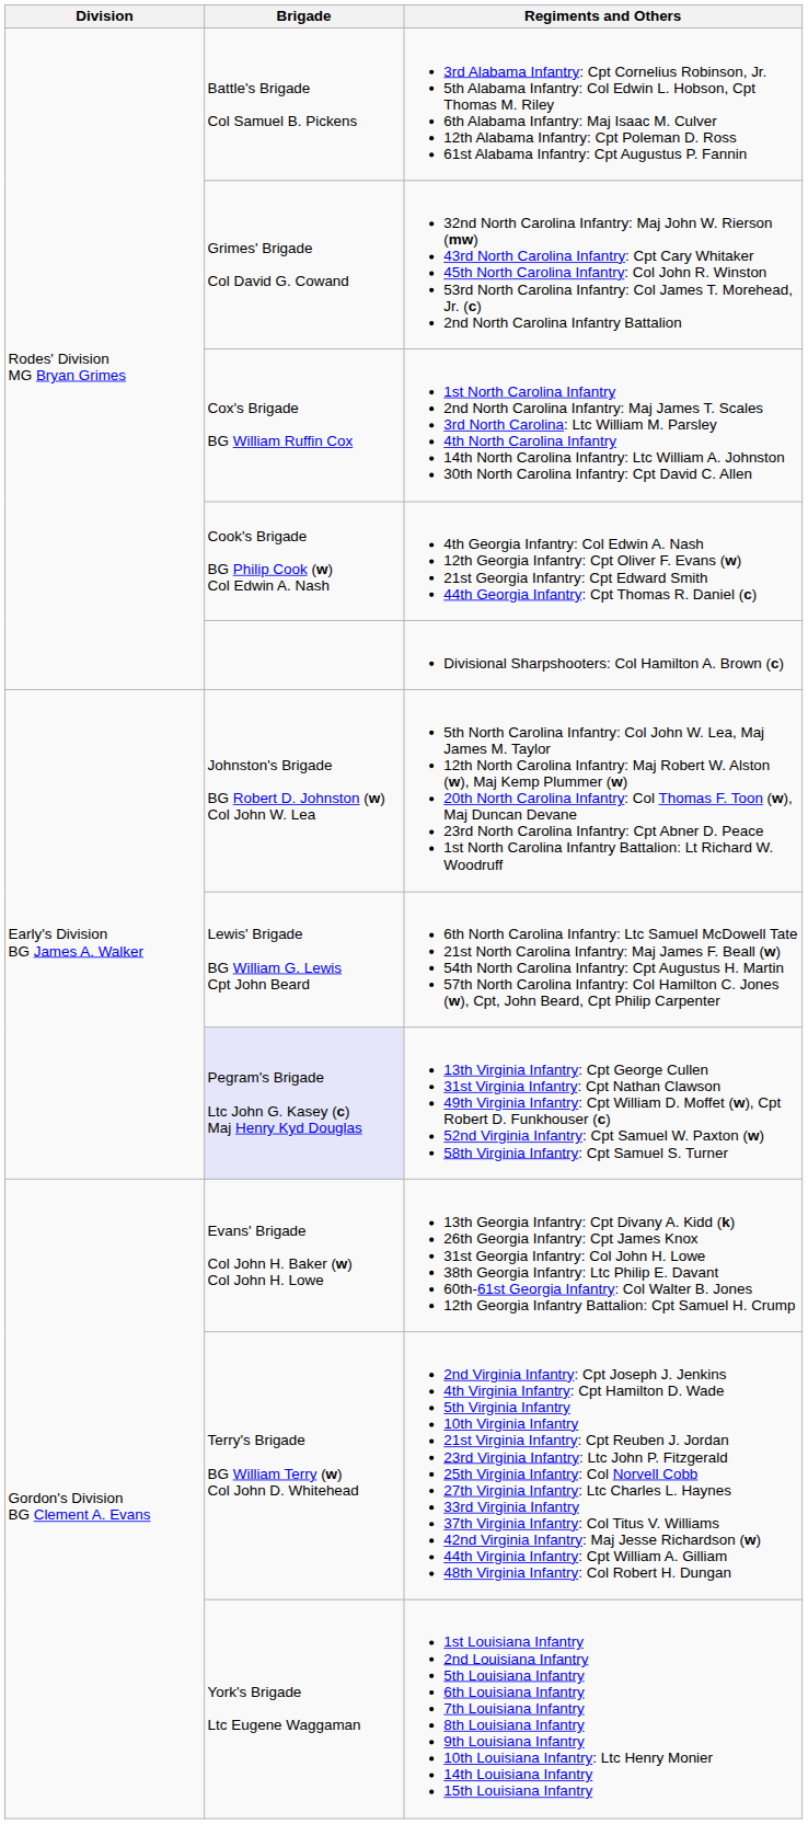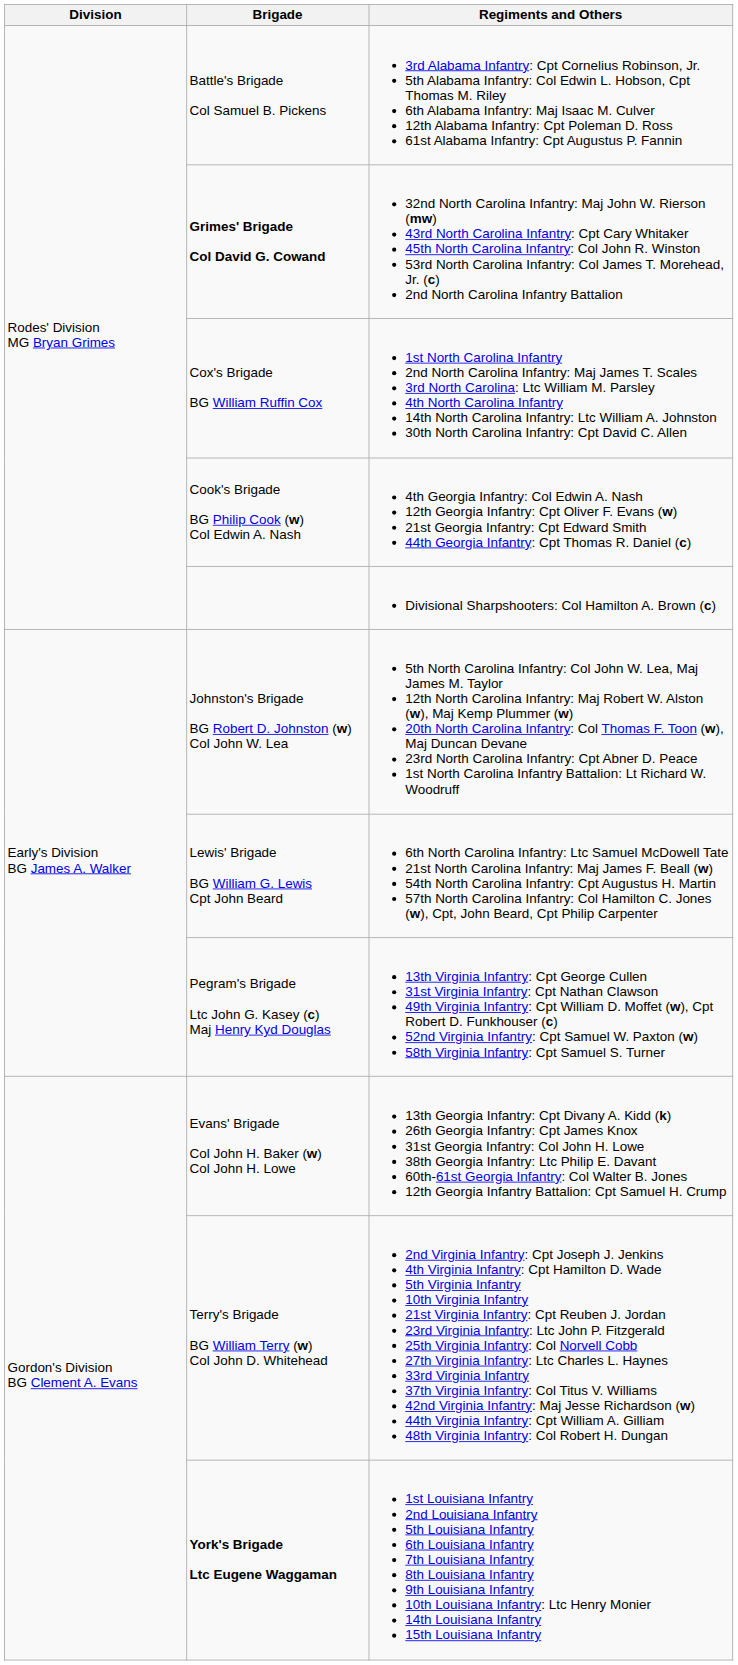 <table class="wikitable">
 <tr>
 <th width=25%>Division</th>
 <th width=25%>Brigade</th>
 <th>Regiments and Others</th>
 </tr>
 <tr>
 <td rowspan=5><br>Rodes' Division <br> MG <a href='#'>Bryan Grimes</a></td>
 <td>Battle's Brigade<br><br> Col Samuel B. Pickens</td>
 <td><br><ul><li><a href='#'>3rd Alabama Infantry</a>: Cpt Cornelius Robinson, Jr.</li><li>5th Alabama Infantry: Col Edwin L. Hobson, Cpt Thomas M. Riley</li><li>6th Alabama Infantry: Maj Isaac M. Culver</li><li>12th Alabama Infantry: Cpt Poleman D. Ross</li><li>61st Alabama Infantry: Cpt Augustus P. Fannin</li></ul></td>
 </tr>
 <tr>
-<td>Grimes' Brigade<br><br> Col David G. Cowand</td>
+<td><strong>Grimes' Brigade<br><br> Col David G. Cowand</strong></td>
 <td><br><ul><li>32nd North Carolina Infantry: Maj John W. Rierson (<strong>mw</strong>)</li><li><a href='#'>43rd North Carolina Infantry</a>: Cpt Cary Whitaker</li><li><a href='#'>45th North Carolina Infantry</a>: Col John R. Winston</li><li>53rd North Carolina Infantry: Col James T. Morehead, Jr. (<strong>c</strong>)</li><li>2nd North Carolina Infantry Battalion</li></ul></td>
 </tr>
 <tr>
 <td>Cox's Brigade<br><br> BG <a href='#'>William Ruffin Cox</a></td>
 <td><br><ul><li><a href='#'>1st North Carolina Infantry</a></li><li>2nd North Carolina Infantry: Maj James T. Scales</li><li><a href='#'>3rd North Carolina</a>: Ltc William M. Parsley</li><li><a href='#'>4th North Carolina Infantry</a></li><li>14th North Carolina Infantry: Ltc William A. Johnston</li><li>30th North Carolina Infantry: Cpt David C. Allen</li></ul></td>
 </tr>
 <tr>
 <td>Cook's Brigade<br><br> BG <a href='#'>Philip Cook</a> (<strong>w</strong>) <br> Col Edwin A. Nash</td>
 <td><br><ul><li>4th Georgia Infantry: Col Edwin A. Nash</li><li>12th Georgia Infantry: Cpt Oliver F. Evans (<strong>w</strong>)</li><li>21st Georgia Infantry: Cpt Edward Smith</li><li><a href='#'>44th Georgia Infantry</a>: Cpt Thomas R. Daniel (<strong>c</strong>)</li></ul></td>
 </tr>
 <tr>
 <td></td>
 <td><br><ul><li>Divisional Sharpshooters: Col Hamilton A. Brown (<strong>c</strong>)</li></ul></td>
 </tr>
 <tr>
 <td rowspan=3><br>Early's Division <br> BG <a href='#'>James A. Walker</a></td>
 <td>Johnston's Brigade<br><br> BG <a href='#'>Robert D. Johnston</a> (<strong>w</strong>) <br> Col John W. Lea</td>
 <td><br><ul><li>5th North Carolina Infantry: Col John W. Lea, Maj James M. Taylor</li><li>12th North Carolina Infantry: Maj Robert W. Alston (<strong>w</strong>), Maj Kemp Plummer (<strong>w</strong>)</li><li><a href='#'>20th North Carolina Infantry</a>: Col <a href='#'>Thomas F. Toon</a> (<strong>w</strong>), Maj Duncan Devane</li><li>23rd North Carolina Infantry: Cpt Abner D. Peace</li><li>1st North Carolina Infantry Battalion: Lt Richard W. Woodruff</li></ul></td>
 </tr>
 <tr>
 <td>Lewis' Brigade<br><br> BG <a href='#'>William G. Lewis</a> <br> Cpt John Beard</td>
 <td><br><ul><li>6th North Carolina Infantry: Ltc Samuel McDowell Tate</li><li>21st North Carolina Infantry: Maj James F. Beall (<strong>w</strong>)</li><li>54th North Carolina Infantry: Cpt Augustus H. Martin</li><li>57th North Carolina Infantry: Col Hamilton C. Jones (<strong>w</strong>), Cpt, John Beard, Cpt Philip Carpenter</li></ul></td>
 </tr>
 <tr>
-<td style="background: lavender;">Pegram's Brigade<br><br> Ltc John G. Kasey (<strong>c</strong>) <br> Maj <a href='#'>Henry Kyd Douglas</a></td>
+<td>Pegram's Brigade<br><br> Ltc John G. Kasey (<strong>c</strong>) <br> Maj <a href='#'>Henry Kyd Douglas</a></td>
 <td><br><ul><li><a href='#'>13th Virginia Infantry</a>: Cpt George Cullen</li><li><a href='#'>31st Virginia Infantry</a>: Cpt Nathan Clawson</li><li><a href='#'>49th Virginia Infantry</a>: Cpt William D. Moffet (<strong>w</strong>), Cpt Robert D. Funkhouser (<strong>c</strong>)</li><li><a href='#'>52nd Virginia Infantry</a>: Cpt Samuel W. Paxton (<strong>w</strong>)</li><li><a href='#'>58th Virginia Infantry</a>: Cpt Samuel S. Turner</li></ul></td>
 </tr>
 <tr>
 <td rowspan=3><br>Gordon's Division <br> BG <a href='#'>Clement A. Evans</a></td>
 <td>Evans' Brigade<br><br> Col John H. Baker (<strong>w</strong>) <br> Col John H. Lowe</td>
 <td><br><ul><li>13th Georgia Infantry: Cpt Divany A. Kidd (<strong>k</strong>)</li><li>26th Georgia Infantry: Cpt James Knox</li><li>31st Georgia Infantry: Col John H. Lowe</li><li>38th Georgia Infantry: Ltc Philip E. Davant</li><li>60th-<a href='#'>61st Georgia Infantry</a>: Col Walter B. Jones</li><li>12th Georgia Infantry Battalion: Cpt Samuel H. Crump</li></ul></td>
 </tr>
 <tr>
 <td>Terry's Brigade<br><br> BG <a href='#'>William Terry</a> (<strong>w</strong>) <br> Col John D. Whitehead</td>
 <td><br><ul><li><a href='#'>2nd Virginia Infantry</a>: Cpt Joseph J. Jenkins</li><li><a href='#'>4th Virginia Infantry</a>: Cpt Hamilton D. Wade</li><li><a href='#'>5th Virginia Infantry</a></li><li><a href='#'>10th Virginia Infantry</a></li><li><a href='#'>21st Virginia Infantry</a>: Cpt Reuben J. Jordan</li><li><a href='#'>23rd Virginia Infantry</a>: Ltc John P. Fitzgerald</li><li><a href='#'>25th Virginia Infantry</a>: Col <a href='#'>Norvell Cobb</a></li><li><a href='#'>27th Virginia Infantry</a>: Ltc Charles L. Haynes</li><li><a href='#'>33rd Virginia Infantry</a></li><li><a href='#'>37th Virginia Infantry</a>: Col Titus V. Williams</li><li><a href='#'>42nd Virginia Infantry</a>: Maj Jesse Richardson (<strong>w</strong>)</li><li><a href='#'>44th Virginia Infantry</a>: Cpt William A. Gilliam</li><li><a href='#'>48th Virginia Infantry</a>: Col Robert H. Dungan</li></ul></td>
 </tr>
 <tr>
-<td>York's Brigade<br><br> Ltc Eugene Waggaman</td>
+<td><strong>York's Brigade<br><br> Ltc Eugene Waggaman</strong></td>
 <td><br><ul><li><a href='#'>1st Louisiana Infantry</a></li><li><a href='#'>2nd Louisiana Infantry</a></li><li><a href='#'>5th Louisiana Infantry</a></li><li><a href='#'>6th Louisiana Infantry</a></li><li><a href='#'>7th Louisiana Infantry</a></li><li><a href='#'>8th Louisiana Infantry</a></li><li><a href='#'>9th Louisiana Infantry</a></li><li><a href='#'>10th Louisiana Infantry</a>: Ltc Henry Monier</li><li><a href='#'>14th Louisiana Infantry</a></li><li><a href='#'>15th Louisiana Infantry</a></li></ul></td>
 </tr>
 </table>
